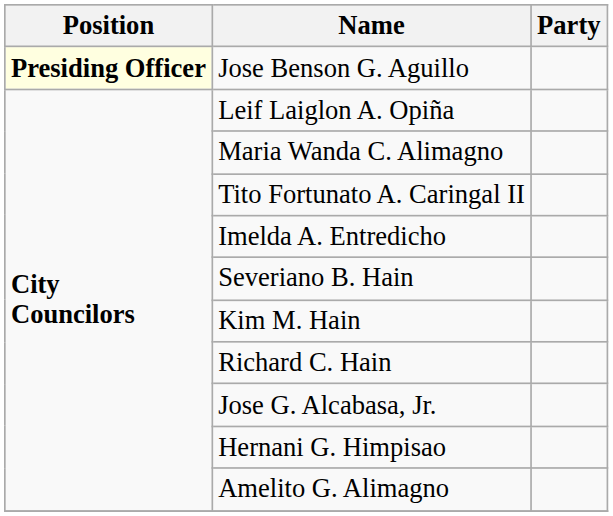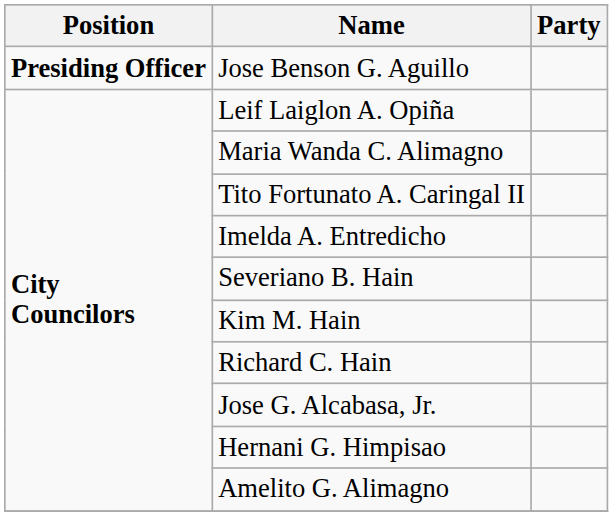 <table class=wikitable>
 <tr>
 <th>Position</th>
 <th>Name</th>
 <th colspan=2>Party</th>
 </tr>
 <tr>
-<td style="background: lightyellow;"><strong>Presiding Officer</strong></td>
+<td><strong>Presiding Officer</strong></td>
 <td>Jose Benson G. Aguillo</td>
 <td></td>
 </tr>
 <tr>
 <td rowspan=10><strong>City<br>Councilors</strong></td>
 <td>Leif Laiglon A. Opiña</td>
 <td></td>
 </tr>
 <tr>
 <td>Maria Wanda C. Alimagno</td>
 <td></td>
 </tr>
 <tr>
 <td>Tito Fortunato A. Caringal II</td>
 <td></td>
 </tr>
 <tr>
 <td>Imelda A. Entredicho</td>
 <td></td>
 </tr>
 <tr>
 <td>Severiano B. Hain</td>
 <td></td>
 </tr>
 <tr>
 <td>Kim M. Hain</td>
 <td></td>
 </tr>
 <tr>
 <td>Richard C. Hain</td>
 <td></td>
 </tr>
 <tr>
 <td>Jose G. Alcabasa, Jr.</td>
 <td></td>
 </tr>
 <tr>
 <td>Hernani G. Himpisao</td>
 <td></td>
 </tr>
 <tr>
 <td>Amelito G. Alimagno</td>
 <td></td>
 </tr>
 <tr>
 </tr>
 </table>
